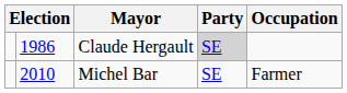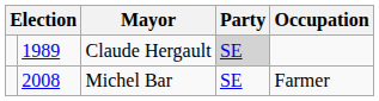 <table class="wikitable">
 <tr>
 <th colspan="2">Election</th>
 <th>Mayor</th>
 <th>Party</th>
 <th>Occupation</th>
 </tr>
 <tr>
 <td style="background-color: "></td>
-<td><a href='#'>1986</a></td>
+<td><a href='#'>1989</a></td>
 <td>Claude Hergault</td>
 <td style="background: lightgrey;"><a href='#'>SE</a></td>
 <td></td>
 </tr>
 <tr>
 <td style="background-color: "></td>
-<td><a href='#'>2010</a></td>
+<td><a href='#'>2008</a></td>
 <td>Michel Bar</td>
 <td><a href='#'>SE</a></td>
 <td>Farmer</td>
 </tr>
 </table>
